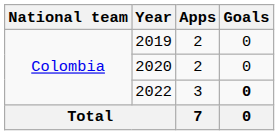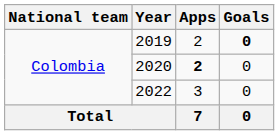 <table class=wikitable style=text-align:center>
 <tr>
 <th>National team</th>
 <th>Year</th>
 <th>Apps</th>
 <th>Goals</th>
 </tr>
 <tr>
 <td rowspan="3"><a href='#'>Colombia</a></td>
 <td>2019</td>
 <td>2</td>
-<td>0</td>
+<td><strong>0</strong></td>
 </tr>
 <tr>
 <td>2020</td>
-<td>2</td>
+<td><strong>2</strong></td>
 <td>0</td>
 </tr>
 <tr>
 <td>2022</td>
 <td>3</td>
-<td><strong>0</strong></td>
+<td>0</td>
 </tr>
 <tr>
 <th colspan="2">Total</th>
 <th>7</th>
 <th>0</th>
 </tr>
 </table>
